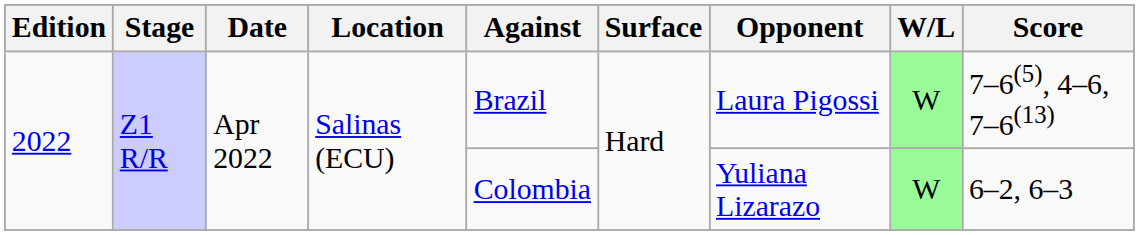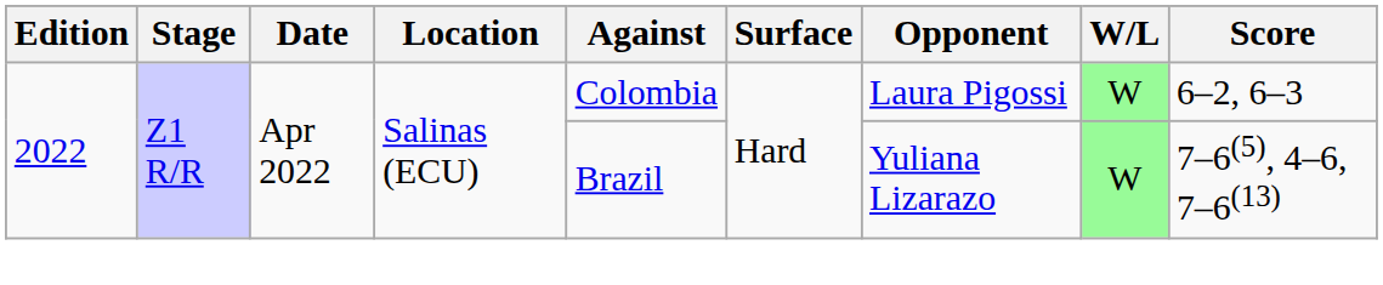 <table class=wikitable>
 <tr>
 <th>Edition</th>
 <th>Stage</th>
 <th>Date</th>
 <th>Location</th>
 <th>Against</th>
 <th>Surface</th>
 <th>Opponent</th>
 <th>W/L</th>
 <th>Score</th>
 </tr>
 <tr>
 <td rowspan="2"><a href='#'>2022</a></td>
 <td style="background:#ccf;" rowspan="2"><a href='#'>Z1 R/R</a></td>
 <td rowspan="2">Apr 2022</td>
 <td rowspan="2"><a href='#'>Salinas</a> (ECU)</td>
-<td> <a href='#'>Brazil</a></td>
+<td> <a href='#'>Colombia</a></td>
 <td rowspan="2">Hard</td>
 <td><a href='#'>Laura Pigossi</a></td>
 <td style="text-align:center; background:#98fb98;">W</td>
+<td>6–2, 6–3</td>
+</tr>
+<tr>
+<td> <a href='#'>Brazil</a></td>
+<td><a href='#'>Yuliana Lizarazo</a></td>
+<td style="text-align:center; background:#98fb98;">W</td>
 <td>7–6<sup>(5)</sup>, 4–6, 7–6<sup>(13)</sup></td>
 </tr>
-<tr>
-<td> <a href='#'>Colombia</a></td>
-<td><a href='#'>Yuliana Lizarazo</a></td>
-<td style="text-align:center; background:#98fb98;">W</td>
-<td>6–2, 6–3</td>
-</tr>
 </table>
